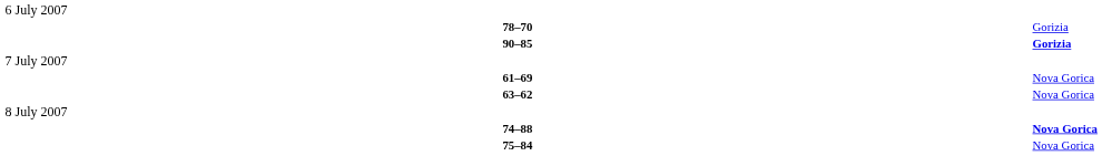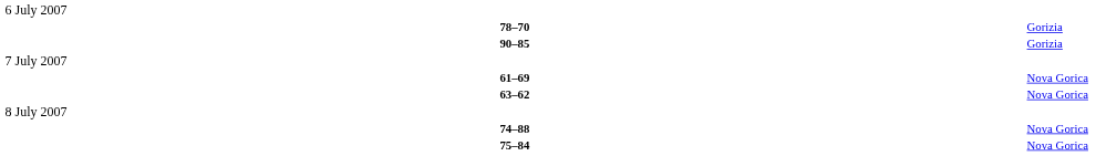 <table style="width:100%;" cellspacing="1">
 <tr>
 <th width=25%></th>
 <th width=3%></th>
 <th width=6%></th>
 <th width=3%></th>
 <th width=25%></th>
 </tr>
 <tr>
 <td>6 July 2007</td>
 </tr>
 <tr style=font-size:90%>
 <td align=right><strong></strong></td>
 <td></td>
 <td align=center><strong>78–70</strong></td>
 <td></td>
 <td><strong></strong></td>
 <td><a href='#'>Gorizia</a></td>
 </tr>
 <tr style=font-size:90%>
 <td align=right><strong></strong></td>
 <td></td>
 <td align=center><strong>90–85</strong></td>
 <td></td>
 <td><strong></strong></td>
-<td><strong><a href='#'>Gorizia</a></strong></td>
+<td><a href='#'>Gorizia</a></td>
 </tr>
 <tr>
 <td>7 July 2007</td>
 </tr>
 <tr style=font-size:90%>
 <td align=right><strong></strong></td>
 <td></td>
 <td align=center><strong>61–69</strong></td>
 <td></td>
 <td><strong></strong></td>
 <td><a href='#'>Nova Gorica</a></td>
 </tr>
 <tr style=font-size:90%>
 <td align=right><strong></strong></td>
 <td></td>
 <td align=center><strong>63–62</strong></td>
 <td></td>
 <td><strong></strong></td>
 <td><a href='#'>Nova Gorica</a></td>
 </tr>
 <tr>
 <td>8 July 2007</td>
 </tr>
 <tr style=font-size:90%>
 <td align=right><strong></strong></td>
 <td></td>
 <td align=center><strong>74–88</strong></td>
 <td></td>
 <td><strong></strong></td>
-<td><strong><a href='#'>Nova Gorica</a></strong></td>
+<td><a href='#'>Nova Gorica</a></td>
 </tr>
 <tr style=font-size:90%>
 <td align=right><strong></strong></td>
 <td></td>
 <td align=center><strong>75–84</strong></td>
 <td></td>
 <td><strong></strong></td>
 <td><a href='#'>Nova Gorica</a></td>
 </tr>
 </table>
